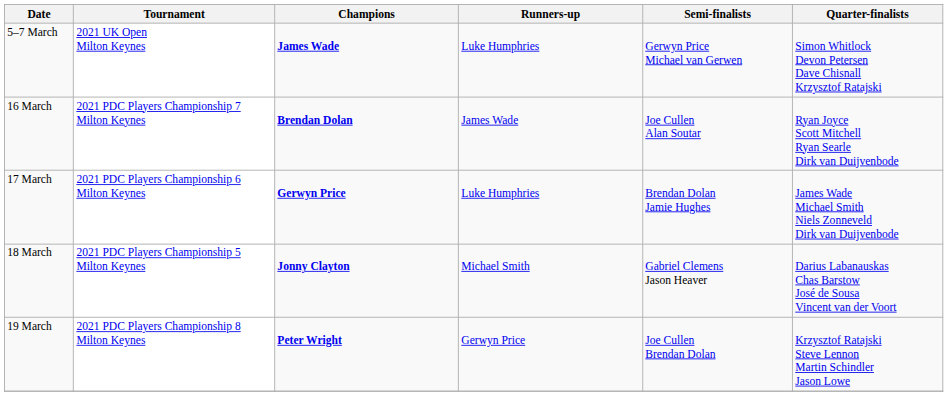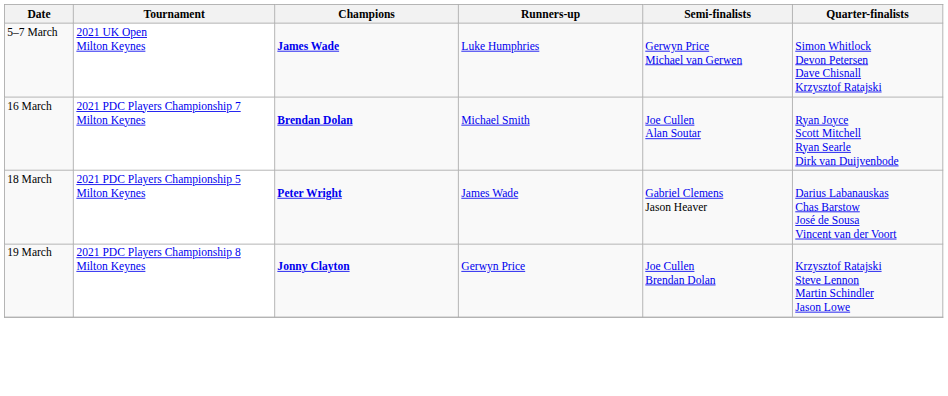 <table class=wikitable style=font-size:85%>
 <tr>
 <th width=75>Date</th>
 <th width=230>Tournament</th>
 <th width=210>Champions</th>
 <th width=210>Runners-up</th>
 <th width=170>Semi-finalists</th>
 <th width=170>Quarter-finalists</th>
 </tr>
 <tr valign="top">
 <td>5–7 March</td>
 <td bgcolor="#ffffff"><a href='#'>2021 UK Open</a><br> <a href='#'>Milton Keynes</a></td>
 <td><br> <strong><a href='#'>James Wade</a></strong></td>
 <td><br> <a href='#'>Luke Humphries</a></td>
 <td><br> <a href='#'>Gerwyn Price</a> <br>  <a href='#'>Michael van Gerwen</a></td>
 <td><br> <a href='#'>Simon Whitlock</a> <br>  <a href='#'>Devon Petersen</a> <br>  <a href='#'>Dave Chisnall</a> <br>  <a href='#'>Krzysztof Ratajski</a></td>
 </tr>
 <tr valign="top">
 <td>16 March</td>
 <td bgcolor="#ffffff"><a href='#'>2021 PDC Players Championship 7</a><br> <a href='#'>Milton Keynes</a></td>
 <td><br> <strong><a href='#'>Brendan Dolan</a></strong></td>
-<td><br> <a href='#'>James Wade</a></td>
+<td><br> <a href='#'>Michael Smith</a></td>
 <td><br> <a href='#'>Joe Cullen</a> <br>  <a href='#'>Alan Soutar</a></td>
 <td><br> <a href='#'>Ryan Joyce</a> <br>  <a href='#'>Scott Mitchell</a> <br>  <a href='#'>Ryan Searle</a> <br>  <a href='#'>Dirk van Duijvenbode</a></td>
 </tr>
 <tr valign="top">
-<td>17 March</td>
-<td bgcolor="#ffffff"><a href='#'>2021 PDC Players Championship 6</a><br> <a href='#'>Milton Keynes</a></td>
-<td><br> <strong><a href='#'>Gerwyn Price</a></strong></td>
-<td><br> <a href='#'>Luke Humphries</a></td>
-<td><br> <a href='#'>Brendan Dolan</a> <br>  <a href='#'>Jamie Hughes</a></td>
-<td><br> <a href='#'>James Wade</a> <br>  <a href='#'>Michael Smith</a> <br>  <a href='#'>Niels Zonneveld</a> <br>  <a href='#'>Dirk van Duijvenbode</a></td>
-</tr>
-<tr valign="top">
 <td>18 March</td>
 <td bgcolor="#ffffff"><a href='#'>2021 PDC Players Championship 5</a><br> <a href='#'>Milton Keynes</a></td>
-<td><br> <strong><a href='#'>Jonny Clayton</a></strong></td>
-<td><br> <a href='#'>Michael Smith</a></td>
+<td><br> <strong><a href='#'>Peter Wright</a></strong></td>
+<td><br> <a href='#'>James Wade</a></td>
 <td><br> <a href='#'>Gabriel Clemens</a> <br>  Jason Heaver</td>
 <td><br> <a href='#'>Darius Labanauskas</a> <br>  <a href='#'>Chas Barstow</a> <br>  <a href='#'>José de Sousa</a> <br>  <a href='#'>Vincent van der Voort</a></td>
 </tr>
 <tr valign="top">
 <td>19 March</td>
 <td bgcolor="#ffffff"><a href='#'>2021 PDC Players Championship 8</a><br> <a href='#'>Milton Keynes</a></td>
-<td><br> <strong><a href='#'>Peter Wright</a></strong></td>
+<td><br> <strong><a href='#'>Jonny Clayton</a></strong></td>
 <td><br> <a href='#'>Gerwyn Price</a></td>
 <td><br> <a href='#'>Joe Cullen</a> <br>  <a href='#'>Brendan Dolan</a></td>
 <td><br> <a href='#'>Krzysztof Ratajski</a> <br>  <a href='#'>Steve Lennon</a> <br>  <a href='#'>Martin Schindler</a> <br>  <a href='#'>Jason Lowe</a></td>
 </tr>
 <tr valign="top">
 </tr>
 </table>
